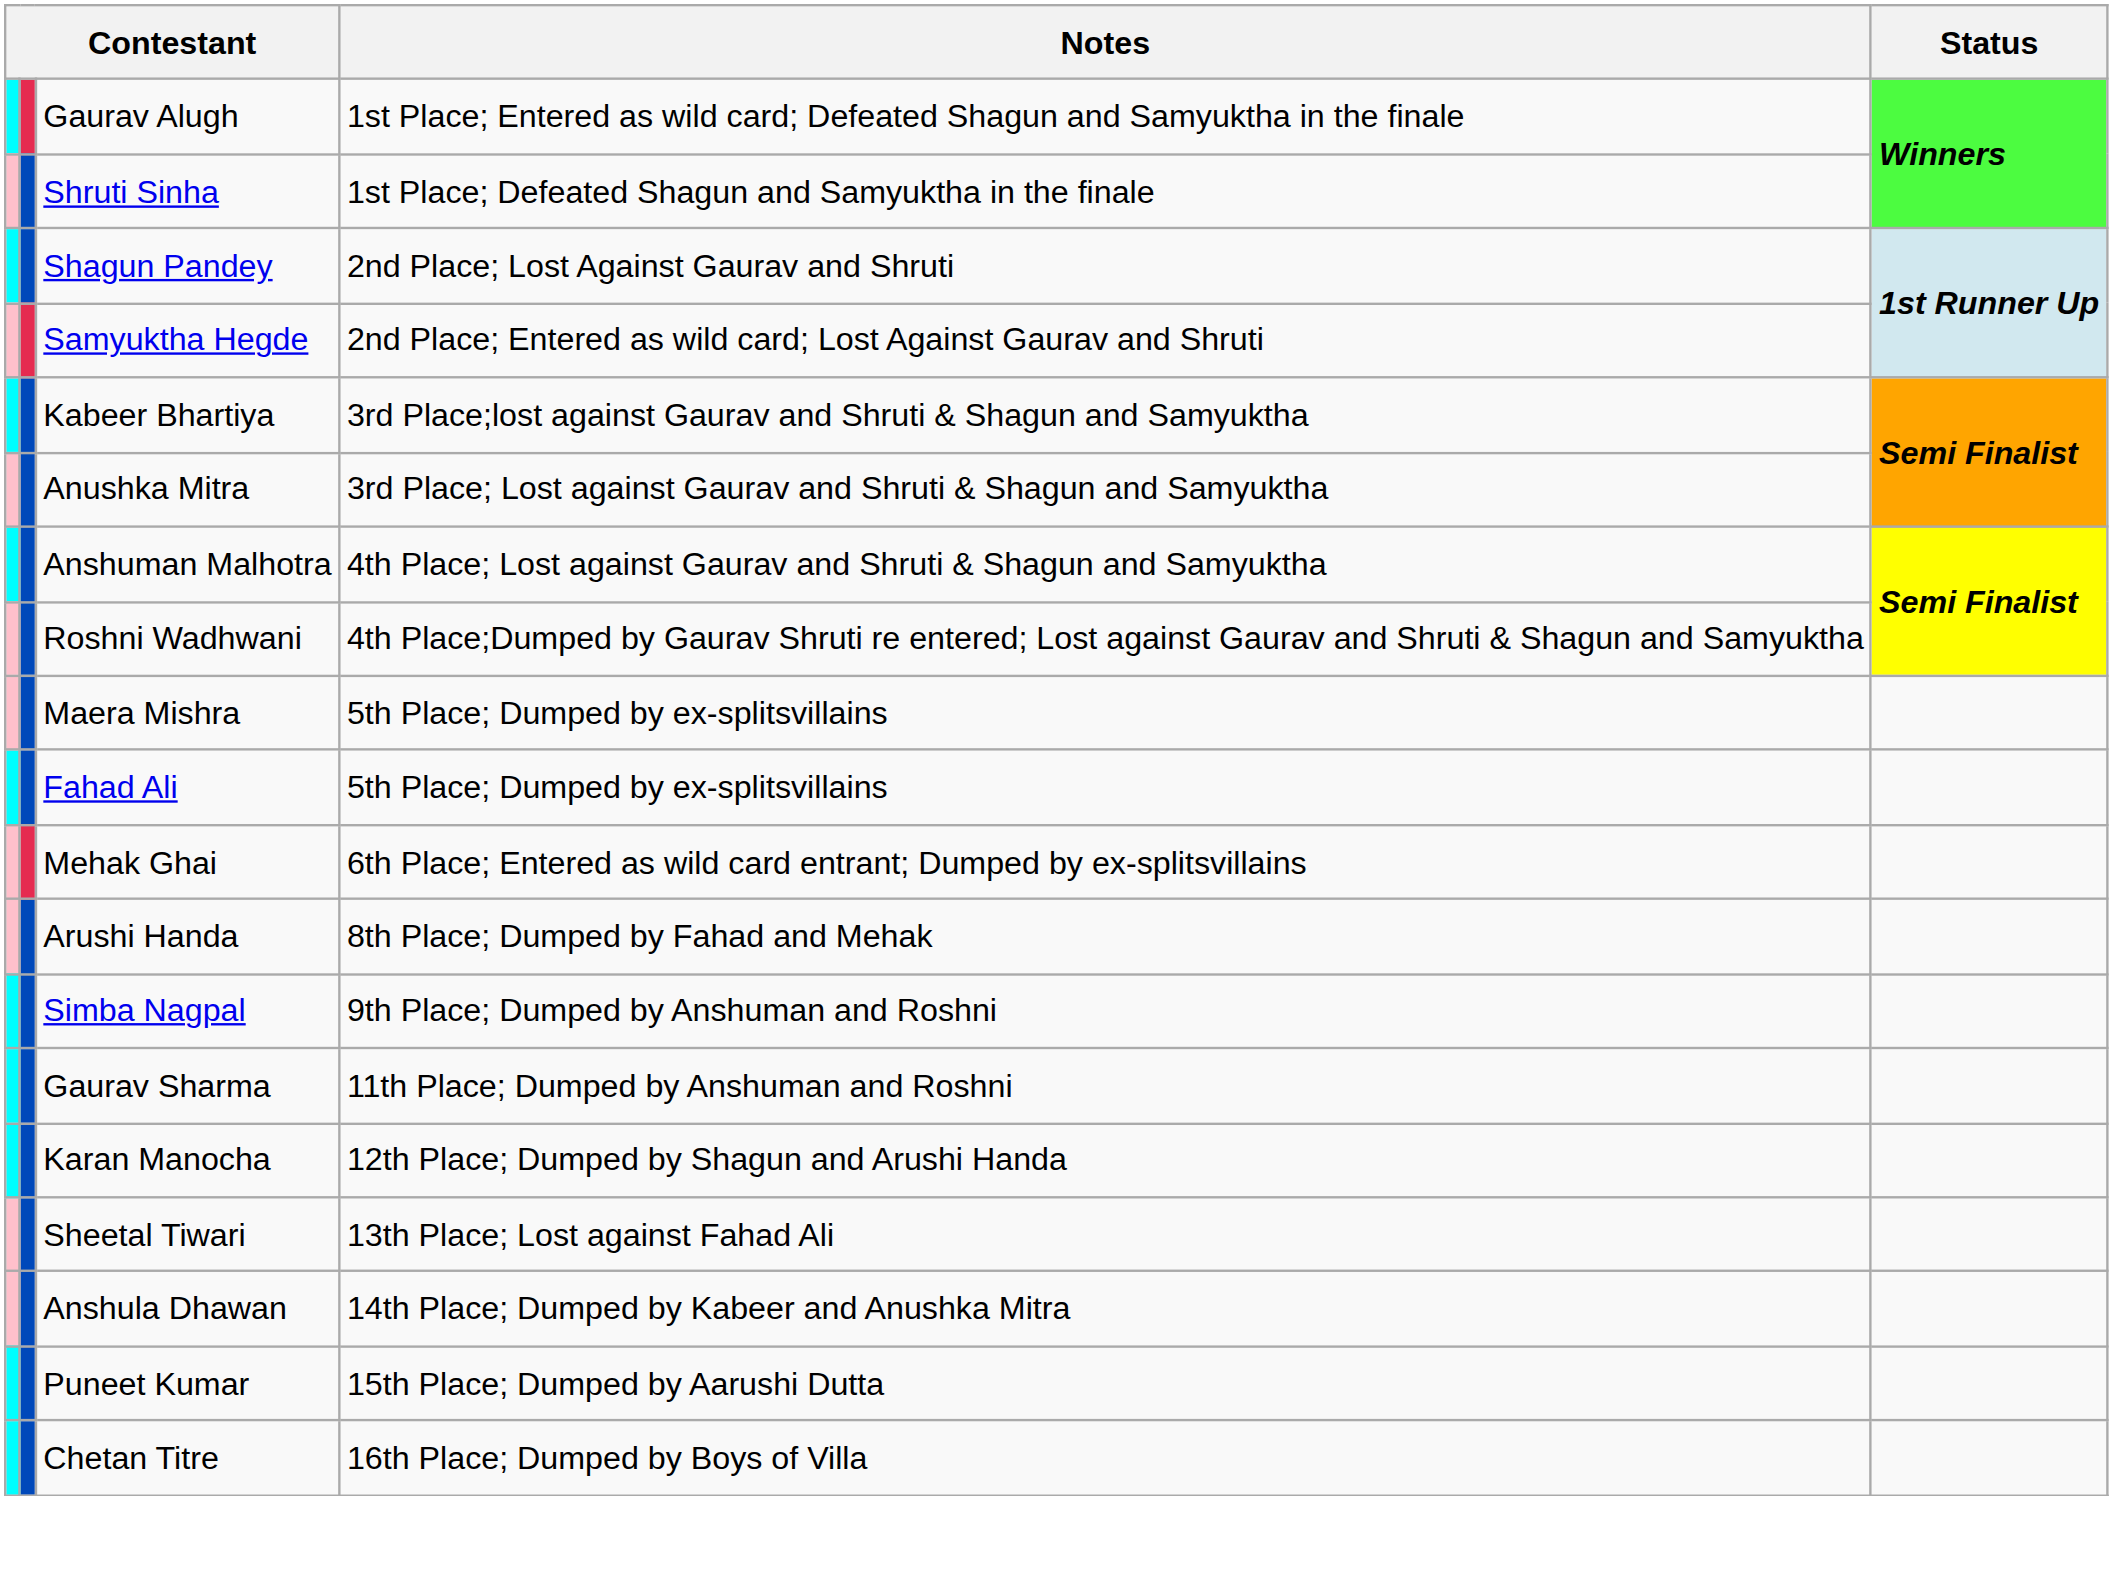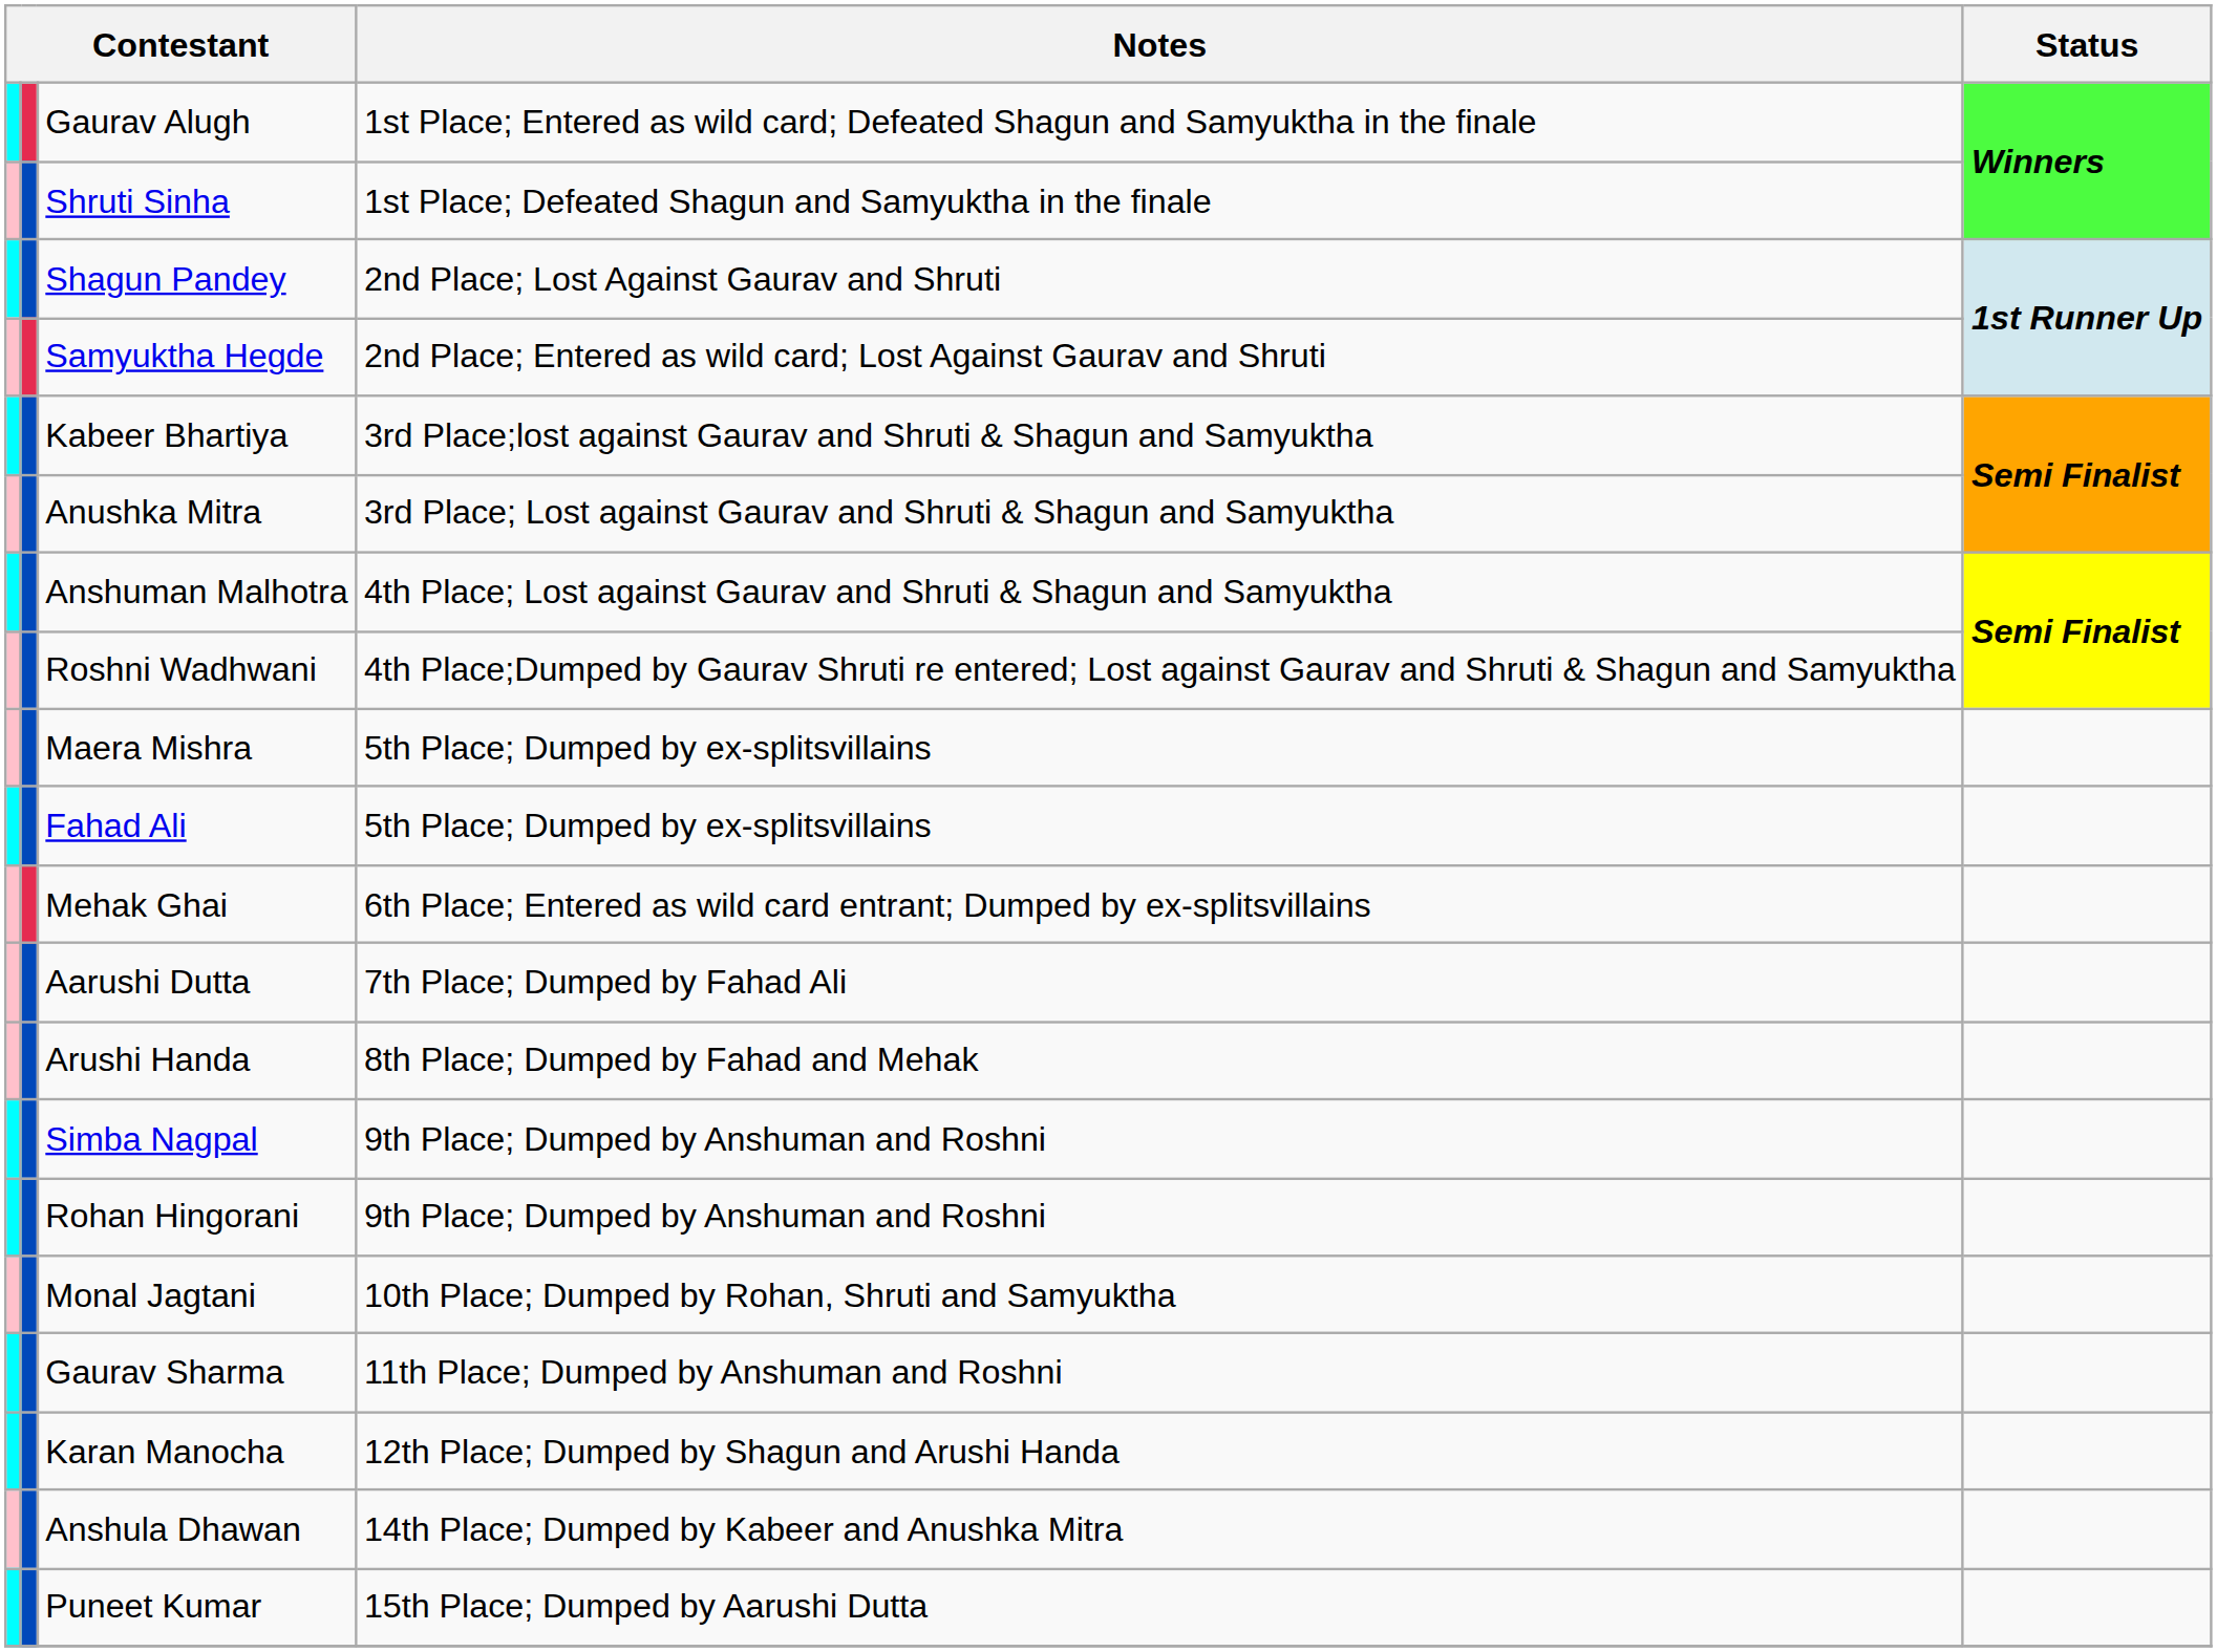 <table class="wikitable sortable" style=" font-size:85%;  line-height:25px; width:auto; text alignment: centre">
 <tr>
 <th colspan="3">Contestant</th>
 <th scope="col">Notes</th>
 <th scope="col">Status</th>
 </tr>
 <tr>
 <th style="background:#00FFFF;"></th>
 <th style="background:#E52B50;"></th>
 <td>Gaurav Alugh</td>
 <td>1st Place; Entered as wild card; Defeated Shagun and Samyuktha in the finale</td>
 <td rowspan="2" style="background:#4CFC40;"!><strong><em>Winners</em></strong></td>
 </tr>
 <tr>
 <th style="background:#FFC0CB;"></th>
 <th style="background:#0048BA;"></th>
 <td><a href='#'>Shruti Sinha</a></td>
 <td>1st Place; Defeated Shagun and Samyuktha in the finale</td>
 </tr>
 <tr>
 <th style="background:#00FFFF;"></th>
 <th style="background:#0048BA;"></th>
 <td><a href='#'>Shagun Pandey</a></td>
 <td>2nd Place; Lost Against Gaurav and Shruti</td>
 <td rowspan="2" style="background:#D1E8EF;" !><strong><em>1st Runner Up</em></strong></td>
 </tr>
 <tr>
 <th style="background:#FFC0CB;"></th>
 <th style="background:#E52B50;"></th>
 <td><a href='#'>Samyuktha Hegde</a></td>
 <td>2nd Place; Entered as wild card; Lost Against Gaurav and Shruti</td>
 </tr>
 <tr>
 <th style="background:#00FFFF;"></th>
 <th style="background:#0048BA;"></th>
 <td>Kabeer Bhartiya</td>
 <td>3rd Place;lost against Gaurav and Shruti & Shagun and Samyuktha</td>
 <td rowspan="2" style="background:orange;" !><strong><em>Semi Finalist</em></strong></td>
 </tr>
 <tr>
 <th style="background:#FFC0CB;"></th>
 <th style="background:#0048BA;"></th>
 <td>Anushka Mitra</td>
 <td>3rd Place; Lost against Gaurav and Shruti & Shagun and Samyuktha</td>
 </tr>
 <tr>
 <th style="background:#00FFFF;"></th>
 <th style="background:#0048BA;"></th>
 <td>Anshuman Malhotra</td>
 <td>4th Place; Lost against Gaurav and Shruti & Shagun and Samyuktha</td>
 <td rowspan="2" style="background:yellow;" !><strong><em>Semi Finalist</em></strong></td>
 </tr>
 <tr>
 <th style="background:#FFC0CB;"></th>
 <th style="background:#0048BA;"></th>
 <td>Roshni Wadhwani</td>
 <td>4th Place;Dumped by Gaurav Shruti re entered; Lost against Gaurav and Shruti & Shagun and Samyuktha</td>
 </tr>
 <tr>
 <th style="background:#FFC0CB;"></th>
 <th style="background:#0048BA;"></th>
 <td>Maera Mishra</td>
 <td>5th Place; Dumped by ex-splitsvillains</td>
 <td></td>
 </tr>
 <tr>
 <th style="background:#00FFFF;"></th>
 <th style="background:#0048BA;"></th>
 <td><a href='#'>Fahad Ali</a></td>
 <td>5th Place; Dumped by ex-splitsvillains</td>
 <td></td>
 </tr>
 <tr>
 <th style="background:#FFC0CB;"></th>
 <th style="background:#E52B50;"></th>
 <td>Mehak Ghai</td>
 <td>6th Place; Entered as wild card entrant; Dumped by ex-splitsvillains</td>
 <td></td>
 </tr>
 <tr>
 <th style="background:#FFC0CB;"></th>
 <th style="background:#0048BA;"></th>
+<td>Aarushi Dutta</td>
+<td>7th Place; Dumped by Fahad Ali</td>
+<td></td>
+</tr>
+<tr>
+<th style="background:#FFC0CB;"></th>
+<th style="background:#0048BA;"></th>
 <td>Arushi Handa</td>
 <td>8th Place; Dumped by Fahad and Mehak</td>
 <td></td>
 </tr>
 <tr>
 <th style="background:#00FFFF;"></th>
 <th style="background:#0048BA;"></th>
 <td><a href='#'>Simba Nagpal</a></td>
 <td>9th Place; Dumped by Anshuman and Roshni</td>
+<td></td>
+</tr>
+<tr>
+<th style="background:#00FFFF;"></th>
+<th style="background:#0048BA;"></th>
+<td>Rohan Hingorani</td>
+<td>9th Place; Dumped by Anshuman and Roshni</td>
+<td></td>
+</tr>
+<tr>
+<th style="background:#FFC0CB;"></th>
+<th style="background:#0048BA;"></th>
+<td>Monal Jagtani</td>
+<td>10th Place; Dumped by Rohan, Shruti and Samyuktha</td>
 <td></td>
 </tr>
 <tr>
 <th style="background:#00FFFF;"></th>
 <th style="background:#0048BA;"></th>
 <td>Gaurav Sharma</td>
 <td>11th Place; Dumped by Anshuman and Roshni</td>
 <td></td>
 </tr>
 <tr>
 <th style="background:#00FFFF;"></th>
 <th style="background:#0048BA;"></th>
 <td>Karan Manocha</td>
 <td>12th Place; Dumped by Shagun and Arushi Handa</td>
 <td></td>
 </tr>
 <tr>
 <th style="background:#FFC0CB;"></th>
 <th style="background:#0048BA;"></th>
-<td>Sheetal Tiwari</td>
-<td>13th Place; Lost against Fahad Ali</td>
-<td></td>
-</tr>
-<tr>
-<th style="background:#FFC0CB;"></th>
-<th style="background:#0048BA;"></th>
 <td>Anshula Dhawan</td>
 <td>14th Place; Dumped by Kabeer and Anushka Mitra</td>
 <td></td>
 </tr>
 <tr>
 <th style="background:#00FFFF;"></th>
 <th style="background:#0048BA;"></th>
 <td>Puneet Kumar</td>
 <td>15th Place; Dumped by Aarushi Dutta</td>
 <td></td>
 </tr>
 <tr>
-<th style="background:#00FFFF;"></th>
-<th style="background:#0048BA;"></th>
-<td>Chetan Titre</td>
-<td>16th Place; Dumped by Boys of Villa</td>
-<td></td>
-</tr>
-<tr>
 </tr>
 </table>
